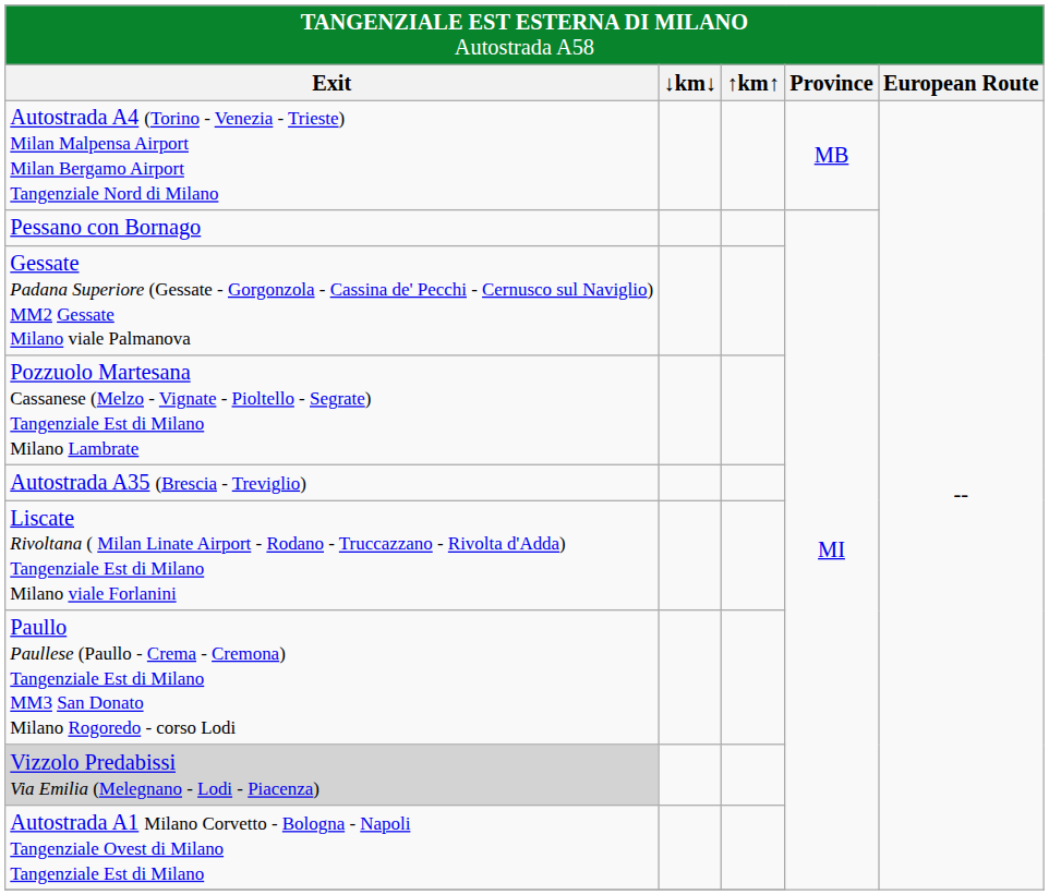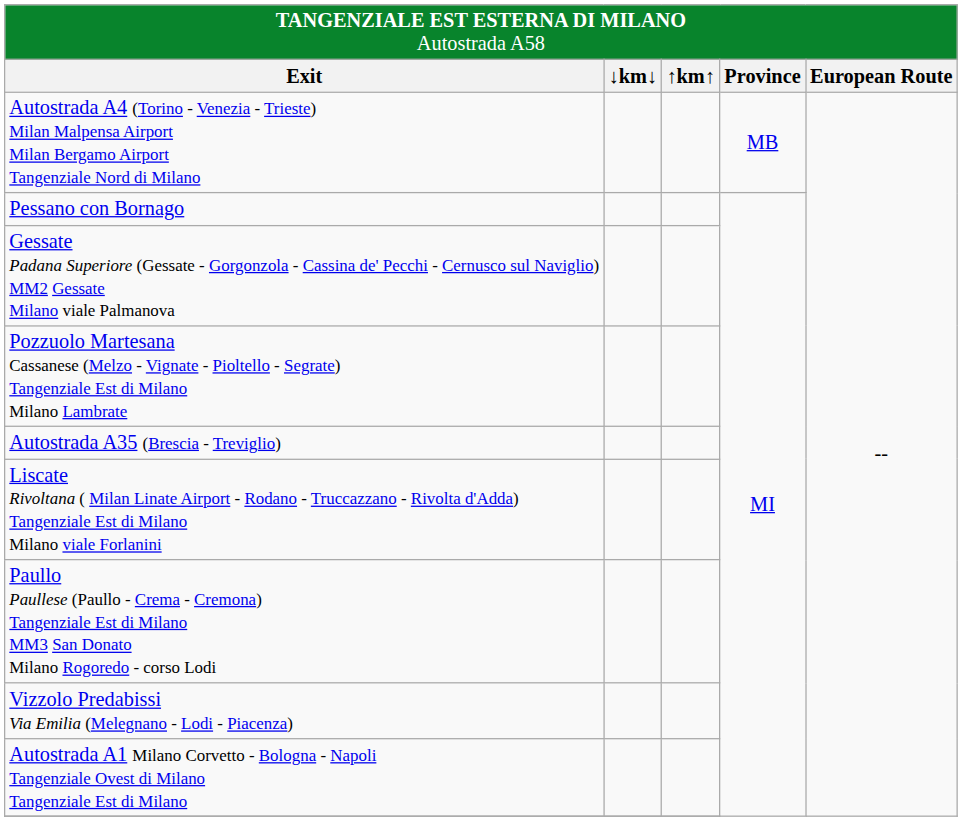 <table class="wikitable">
 <tr align="center" bgcolor="08842C" style="color: white;">
 <td colspan="5"><strong> TANGENZIALE EST ESTERNA DI MILANO</strong><br>Autostrada A58</td>
 </tr>
 <tr>
 <th style="text-align:center;"><strong>Exit</strong></th>
 <th style="text-align:center;"><strong>↓km↓</strong></th>
 <th style="text-align:center;"><strong>↑km↑</strong></th>
 <th align="center"><strong>Province</strong></th>
 <th align="center"><strong>European Route</strong></th>
 </tr>
 <tr>
 <td>   <a href='#'>Autostrada A4</a> <small>(<a href='#'>Torino</a> - <a href='#'>Venezia</a> - <a href='#'>Trieste</a>)<br> <a href='#'>Milan Malpensa Airport</a><br> <a href='#'>Milan Bergamo Airport</a><br> <a href='#'>Tangenziale Nord di Milano</a></small></td>
 <td></td>
 <td></td>
 <td align="center"><a href='#'>MB</a></td>
 <td rowspan="10" align="center">--</td>
 </tr>
 <tr>
 <td> <a href='#'>Pessano con Bornago</a></td>
 <td></td>
 <td></td>
 <td rowspan="9" align="center"><a href='#'>MI</a></td>
 </tr>
 <tr>
 <td> <a href='#'>Gessate</a><br><small> <em>Padana Superiore</em> (Gessate - <a href='#'>Gorgonzola</a> - <a href='#'>Cassina de' Pecchi</a> - <a href='#'>Cernusco sul Naviglio</a>)<br> <a href='#'>MM2</a> <a href='#'>Gessate</a><br> <a href='#'>Milano</a> viale Palmanova</small></td>
 <td></td>
 <td></td>
 </tr>
 <tr>
 <td> <a href='#'>Pozzuolo Martesana</a><br><small> Cassanese (<a href='#'>Melzo</a> - <a href='#'>Vignate</a> - <a href='#'>Pioltello</a> - <a href='#'>Segrate</a>)<br> <a href='#'>Tangenziale Est di Milano</a><br> Milano <a href='#'>Lambrate</a></small></td>
 <td></td>
 <td></td>
 </tr>
 <tr>
 <td>  <a href='#'>Autostrada A35</a> <small> (<a href='#'>Brescia</a> - <a href='#'>Treviglio</a>)</small></td>
 <td></td>
 <td></td>
 </tr>
 <tr>
 <td> <a href='#'>Liscate</a><br><small> <em>Rivoltana</em> ( <a href='#'>Milan Linate Airport</a>  - <a href='#'>Rodano</a> - <a href='#'>Truccazzano</a> - <a href='#'>Rivolta d'Adda</a>)<br> <a href='#'>Tangenziale Est di Milano</a><br> Milano <a href='#'>viale Forlanini</a></small></td>
 <td></td>
 <td></td>
 </tr>
 <tr>
 <td> <a href='#'>Paullo</a><br><small> <em>Paullese</em> (Paullo - <a href='#'>Crema</a> - <a href='#'>Cremona</a>)<br> <a href='#'>Tangenziale Est di Milano</a><br> <a href='#'>MM3</a> <a href='#'>San Donato</a><br> Milano <a href='#'>Rogoredo</a> - corso Lodi</small></td>
 <td></td>
 <td></td>
 </tr>
 <tr>
-<td style="background: lightgrey;"> <a href='#'>Vizzolo Predabissi</a><br><small> <em>Via Emilia</em> (<a href='#'>Melegnano</a> - <a href='#'>Lodi</a> - <a href='#'>Piacenza</a>)</small></td>
+<td> <a href='#'>Vizzolo Predabissi</a><br><small> <em>Via Emilia</em> (<a href='#'>Melegnano</a> - <a href='#'>Lodi</a> - <a href='#'>Piacenza</a>)</small></td>
 <td></td>
 <td></td>
 </tr>
 <tr>
 <td>   <a href='#'>Autostrada A1</a> <small> Milano Corvetto - <a href='#'>Bologna</a> - <a href='#'>Napoli</a><br> <a href='#'>Tangenziale Ovest di Milano</a><br> <a href='#'>Tangenziale Est di Milano</a></small></td>
 <td></td>
 <td></td>
 </tr>
 <tr>
 </tr>
 </table>
